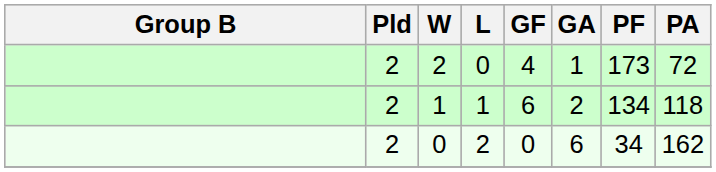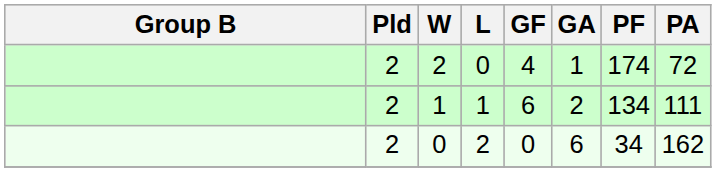 <table class=wikitable style="text-align:center">
 <tr>
 <th width=220>Group B</th>
 <th width=20>Pld</th>
 <th width=20>W</th>
 <th width=20>L</th>
 <th width=20>GF</th>
 <th width=20>GA</th>
 <th width=20>PF</th>
 <th width=20>PA</th>
 </tr>
 <tr bgcolor=ccffcc>
 <td align=left></td>
 <td>2</td>
 <td>2</td>
 <td>0</td>
 <td>4</td>
 <td>1</td>
-<td>173</td>
+<td>174</td>
 <td>72</td>
 </tr>
 <tr bgcolor=ccffcc>
 <td align=left></td>
 <td>2</td>
 <td>1</td>
 <td>1</td>
 <td>6</td>
 <td>2</td>
 <td>134</td>
-<td>118</td>
+<td>111</td>
 </tr>
 <tr bgcolor=eeffee>
 <td align=left></td>
 <td>2</td>
 <td>0</td>
 <td>2</td>
 <td>0</td>
 <td>6</td>
 <td>34</td>
 <td>162</td>
 </tr>
 <tr>
 </tr>
 </table>
